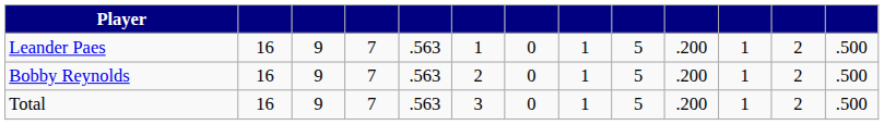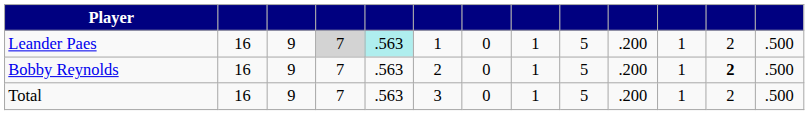 <table class="wikitable" style="text-align:center">
 <tr>
 <th style="background:navy; color:#fff" width="200px">Player</th>
 <th style="background:navy; color:#fff" width="40px"></th>
 <th style="background:navy; color:#fff" width="40px"></th>
 <th style="background:navy; color:#fff" width="40px"></th>
 <th style="background:navy; color:#fff" width="40px"></th>
 <th style="background:navy; color:#fff" width="40px"></th>
 <th style="background:navy; color:#fff" width="40px"></th>
 <th style="background:navy; color:#fff" width="40px"></th>
 <th style="background:navy; color:#fff" width="40px"></th>
 <th style="background:navy; color:#fff" width="40px"></th>
 <th style="background:navy; color:#fff" width="40px"></th>
 <th style="background:navy; color:#fff" width="40px"></th>
 <th style="background:navy; color:#fff" width="40px"></th>
 </tr>
 <tr>
 <td style="text-align:left"><a href='#'>Leander Paes</a></td>
 <td>16</td>
 <td>9</td>
-<td>7</td>
-<td>.563</td>
+<td style="background: lightgrey;">7</td>
+<td style="background: paleturquoise;">.563</td>
 <td>1</td>
 <td>0</td>
 <td>1</td>
 <td>5</td>
 <td>.200</td>
 <td>1</td>
 <td>2</td>
 <td>.500</td>
 </tr>
 <tr>
 <td style="text-align:left"><a href='#'>Bobby Reynolds</a></td>
 <td>16</td>
 <td>9</td>
 <td>7</td>
 <td>.563</td>
 <td>2</td>
 <td>0</td>
 <td>1</td>
 <td>5</td>
 <td>.200</td>
 <td>1</td>
-<td>2</td>
+<td><strong>2</strong></td>
 <td>.500</td>
 </tr>
 <tr>
 <td style="text-align:left">Total</td>
 <td>16</td>
 <td>9</td>
 <td>7</td>
 <td>.563</td>
 <td>3</td>
 <td>0</td>
 <td>1</td>
 <td>5</td>
 <td>.200</td>
 <td>1</td>
 <td>2</td>
 <td>.500</td>
 </tr>
 </table>
